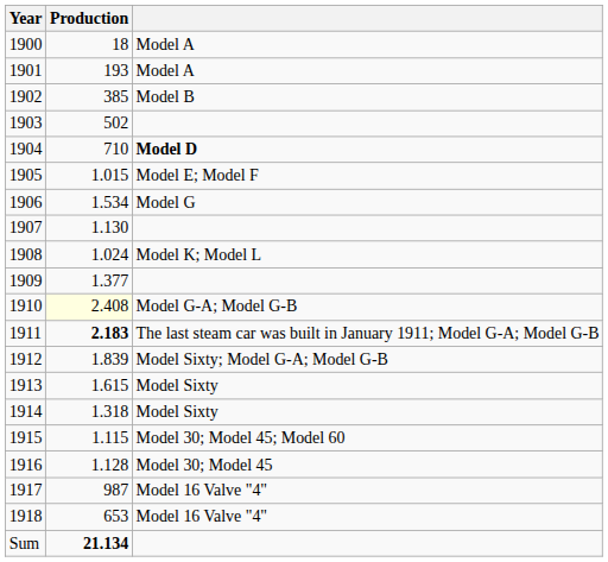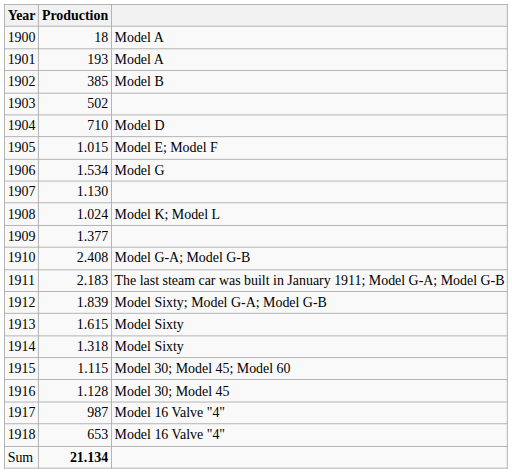 <table class="wikitable sortable">
 <tr>
 <th>Year</th>
 <th>Production</th>
 <th></th>
 </tr>
 <tr>
 <td>1900</td>
 <td align="right">18</td>
 <td>Model A</td>
 </tr>
 <tr>
 <td>1901</td>
 <td align="right">193</td>
 <td>Model A</td>
 </tr>
 <tr>
 <td>1902</td>
 <td align="right">385</td>
 <td>Model B</td>
 </tr>
 <tr>
 <td>1903</td>
 <td align="right">502</td>
 </tr>
 <tr>
 <td>1904</td>
 <td align="right">710</td>
-<td><strong>Model D</strong></td>
+<td>Model D</td>
 </tr>
 <tr>
 <td>1905</td>
 <td align="right">1.015</td>
 <td>Model E; Model F</td>
 </tr>
 <tr>
 <td>1906</td>
 <td align="right">1.534</td>
 <td>Model G</td>
 </tr>
 <tr>
 <td>1907</td>
 <td align="right">1.130</td>
 </tr>
 <tr>
 <td>1908</td>
 <td align="right">1.024</td>
 <td>Model K; Model L</td>
 </tr>
 <tr>
 <td>1909</td>
 <td align="right">1.377</td>
 </tr>
 <tr>
 <td>1910</td>
-<td align="right" style="background: lightyellow;">2.408</td>
+<td align="right">2.408</td>
 <td>Model G-A; Model G-B </td>
 </tr>
 <tr>
 <td>1911</td>
-<td align="right"><strong>2.183</strong></td>
+<td align="right">2.183</td>
 <td>The last steam car was built in January 1911; Model G-A; Model G-B</td>
 </tr>
 <tr>
 <td>1912</td>
 <td align="right">1.839</td>
 <td>Model Sixty; Model G-A; Model G-B</td>
 </tr>
 <tr>
 <td>1913</td>
 <td align="right">1.615</td>
 <td>Model Sixty</td>
 </tr>
 <tr>
 <td>1914</td>
 <td align="right">1.318</td>
 <td>Model Sixty</td>
 </tr>
 <tr>
 <td>1915</td>
 <td align="right">1.115</td>
 <td>Model 30; Model 45; Model 60</td>
 </tr>
 <tr>
 <td>1916</td>
 <td align="right">1.128</td>
 <td>Model 30; Model 45</td>
 </tr>
 <tr>
 <td>1917</td>
 <td align="right">987</td>
 <td>Model 16 Valve "4"</td>
 </tr>
 <tr>
 <td>1918</td>
 <td align="right">653</td>
 <td>Model 16 Valve "4"</td>
 </tr>
 <tr>
 <td>Sum</td>
 <td align="right"><strong>21.134</strong></td>
 </tr>
 </table>
